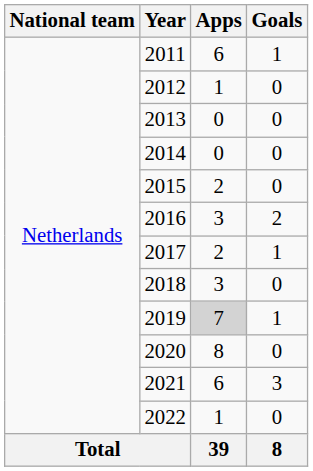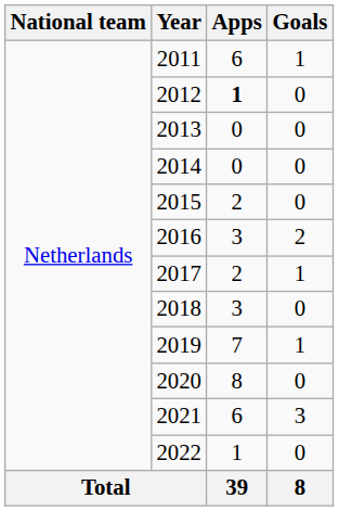 <table class=wikitable style="text-align: center;">
 <tr>
 <th>National team</th>
 <th>Year</th>
 <th>Apps</th>
 <th>Goals</th>
 </tr>
 <tr>
 <td rowspan=12><a href='#'>Netherlands</a></td>
 <td>2011</td>
 <td>6</td>
 <td>1</td>
 </tr>
 <tr>
 <td>2012</td>
-<td>1</td>
+<td><strong>1</strong></td>
 <td>0</td>
 </tr>
 <tr>
 <td>2013</td>
 <td>0</td>
 <td>0</td>
 </tr>
 <tr>
 <td>2014</td>
 <td>0</td>
 <td>0</td>
 </tr>
 <tr>
 <td>2015</td>
 <td>2</td>
 <td>0</td>
 </tr>
 <tr>
 <td>2016</td>
 <td>3</td>
 <td>2</td>
 </tr>
 <tr>
 <td>2017</td>
 <td>2</td>
 <td>1</td>
 </tr>
 <tr>
 <td>2018</td>
 <td>3</td>
 <td>0</td>
 </tr>
 <tr>
 <td>2019</td>
-<td style="background: lightgrey;">7</td>
+<td>7</td>
 <td>1</td>
 </tr>
 <tr>
 <td>2020</td>
 <td>8</td>
 <td>0</td>
 </tr>
 <tr>
 <td>2021</td>
 <td>6</td>
 <td>3</td>
 </tr>
 <tr>
 <td>2022</td>
 <td>1</td>
 <td>0</td>
 </tr>
 <tr>
 <th colspan=2>Total</th>
 <th>39</th>
 <th>8</th>
 </tr>
 </table>
